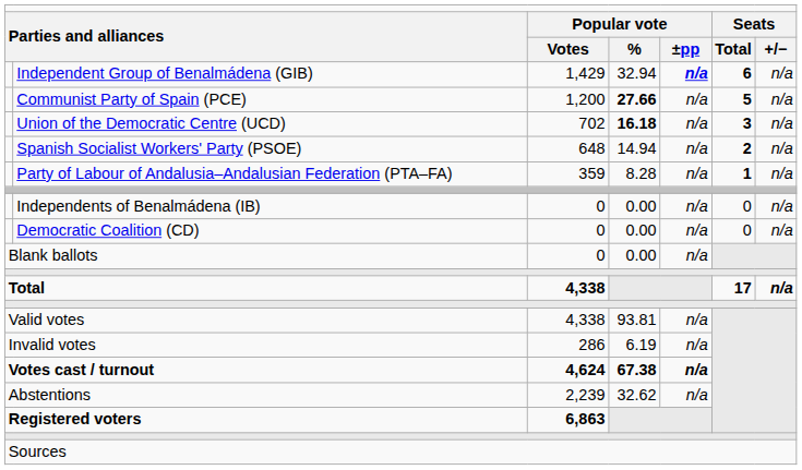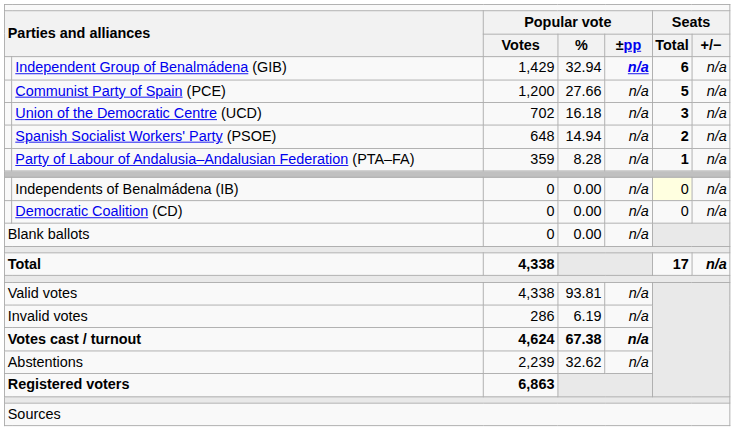 <table class="wikitable" style="text-align:right;">
 <tr>
 <td colspan="7"></td>
 </tr>
 <tr>
 <th style="text-align:left;" rowspan="2" colspan="2" width="525">Parties and alliances</th>
 <th colspan="3">Popular vote</th>
 <th colspan="2">Seats</th>
 </tr>
 <tr>
 <th width="75">Votes</th>
 <th width="45">%</th>
 <th width="45">±<a href='#'>pp</a></th>
 <th width="35">Total</th>
 <th width="35">+/−</th>
 </tr>
 <tr>
 <td width="1" style="color:inherit;background:"></td>
 <td align="left"><a href='#'>Independent Group of Benalmádena</a> (GIB)</td>
 <td>1,429</td>
 <td>32.94</td>
 <td><strong><em><a href='#'>n/a</a></em></strong></td>
 <td><strong>6</strong></td>
 <td><em>n/a</em></td>
 </tr>
 <tr>
 <td style="color:inherit;background:"></td>
 <td align="left"><a href='#'>Communist Party of Spain</a> (PCE)</td>
 <td>1,200</td>
-<td><strong>27.66</strong></td>
+<td>27.66</td>
 <td><em>n/a</em></td>
 <td><strong>5</strong></td>
 <td><em>n/a</em></td>
 </tr>
 <tr>
 <td style="color:inherit;background:"></td>
 <td align="left"><a href='#'>Union of the Democratic Centre</a> (UCD)</td>
 <td>702</td>
-<td><strong>16.18</strong></td>
+<td>16.18</td>
 <td><em>n/a</em></td>
 <td><strong>3</strong></td>
 <td><em>n/a</em></td>
 </tr>
 <tr>
 <td style="color:inherit;background:"></td>
 <td align="left"><a href='#'>Spanish Socialist Workers' Party</a> (PSOE)</td>
 <td>648</td>
 <td>14.94</td>
 <td><em>n/a</em></td>
 <td><strong>2</strong></td>
 <td><em>n/a</em></td>
 </tr>
 <tr>
 <td style="color:inherit;background:"></td>
 <td align="left"><a href='#'>Party of Labour of Andalusia–Andalusian Federation</a> (PTA–FA)</td>
 <td>359</td>
 <td>8.28</td>
 <td><em>n/a</em></td>
 <td><strong>1</strong></td>
 <td><em>n/a</em></td>
 </tr>
 <tr>
 <td colspan="7" bgcolor="#C0C0C0"></td>
 </tr>
 <tr>
 <td style="color:inherit;background:"></td>
 <td align="left">Independents of Benalmádena (IB)</td>
 <td>0</td>
 <td>0.00</td>
 <td><em>n/a</em></td>
-<td>0</td>
+<td style="background: lightyellow;">0</td>
 <td><em>n/a</em></td>
 </tr>
 <tr>
 <td style="color:inherit;background:"></td>
 <td align="left"><a href='#'>Democratic Coalition</a> (CD)</td>
 <td>0</td>
 <td>0.00</td>
 <td><em>n/a</em></td>
 <td>0</td>
 <td><em>n/a</em></td>
 </tr>
 <tr>
 <td align="left" colspan="2">Blank ballots</td>
 <td>0</td>
 <td>0.00</td>
 <td><em>n/a</em></td>
 <td bgcolor="#E9E9E9" colspan="2"></td>
 </tr>
 <tr>
 <td colspan="7" bgcolor="#E9E9E9"></td>
 </tr>
 <tr style="font-weight:bold;">
 <td align="left" colspan="2">Total</td>
 <td>4,338</td>
 <td bgcolor="#E9E9E9" colspan="2"></td>
 <td>17</td>
 <td><em>n/a</em></td>
 </tr>
 <tr>
 <td colspan="7" bgcolor="#E9E9E9"></td>
 </tr>
 <tr>
 <td align="left" colspan="2">Valid votes</td>
 <td>4,338</td>
 <td>93.81</td>
 <td><em>n/a</em></td>
 <td bgcolor="#E9E9E9" colspan="2" rowspan="5"></td>
 </tr>
 <tr>
 <td align="left" colspan="2">Invalid votes</td>
 <td>286</td>
 <td>6.19</td>
 <td><em>n/a</em></td>
 </tr>
 <tr style="font-weight:bold;">
 <td align="left" colspan="2">Votes cast / turnout</td>
 <td>4,624</td>
 <td>67.38</td>
 <td><em>n/a</em></td>
 </tr>
 <tr>
 <td align="left" colspan="2">Abstentions</td>
 <td>2,239</td>
 <td>32.62</td>
 <td><em>n/a</em></td>
 </tr>
 <tr style="font-weight:bold;">
 <td align="left" colspan="2">Registered voters</td>
 <td>6,863</td>
 <td bgcolor="#E9E9E9" colspan="2"></td>
 </tr>
 <tr>
 <td colspan="7" bgcolor="#E9E9E9"></td>
 </tr>
 <tr>
 <td align="left" colspan="7">Sources</td>
 </tr>
 </table>
